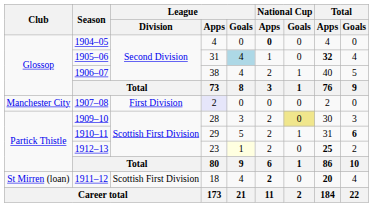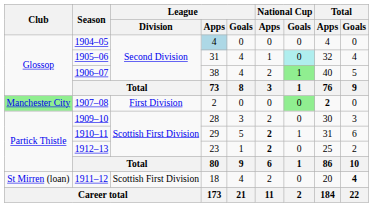 <table class="wikitable" style="text-align: center;">
 <tr>
 <th rowspan="2">Club</th>
 <th rowspan="2">Season</th>
 <th colspan="3">League</th>
 <th colspan="2">National Cup</th>
 <th colspan="2">Total</th>
 </tr>
 <tr>
 <th>Division</th>
 <th>Apps</th>
 <th>Goals</th>
 <th>Apps</th>
 <th>Goals</th>
 <th>Apps</th>
 <th>Goals</th>
 </tr>
 <tr>
 <td rowspan="4"><a href='#'>Glossop</a></td>
 <td><a href='#'>1904–05</a></td>
 <td rowspan="3"><a href='#'>Second Division</a></td>
-<td>4</td>
+<td style="background: lightblue;">4</td>
 <td>0</td>
-<td><strong>0</strong></td>
+<td>0</td>
 <td>0</td>
 <td>4</td>
 <td>0</td>
 </tr>
 <tr>
 <td><a href='#'>1905–06</a></td>
 <td>31</td>
-<td style="background: lightblue;">4</td>
+<td>4</td>
 <td>1</td>
-<td>0</td>
-<td><strong>32</strong></td>
+<td style="background: paleturquoise;">0</td>
+<td>32</td>
 <td>4</td>
 </tr>
 <tr>
 <td><a href='#'>1906–07</a></td>
 <td>38</td>
 <td>4</td>
 <td>2</td>
-<td>1</td>
+<td style="background: lightgreen;">1</td>
 <td>40</td>
 <td>5</td>
 </tr>
 <tr>
 <th colspan="2">Total</th>
 <th>73</th>
 <th>8</th>
 <th>3</th>
 <th>1</th>
 <th>76</th>
 <th>9</th>
 </tr>
 <tr>
-<td><a href='#'>Manchester City</a></td>
+<td style="background: lightgreen;"><a href='#'>Manchester City</a></td>
 <td><a href='#'>1907–08</a></td>
 <td><a href='#'>First Division</a></td>
-<td style="background: lavender;">2</td>
+<td>2</td>
 <td>0</td>
 <td>0</td>
-<td>0</td>
-<td>2</td>
+<td style="background: lightgreen;">0</td>
+<td><strong>2</strong></td>
 <td>0</td>
 </tr>
 <tr>
 <td rowspan="4"><a href='#'>Partick Thistle</a></td>
 <td><a href='#'>1909–10</a></td>
 <td rowspan="3"><a href='#'>Scottish First Division</a></td>
 <td>28</td>
 <td>3</td>
 <td>2</td>
-<td style="background: khaki;">0</td>
+<td>0</td>
 <td>30</td>
 <td>3</td>
 </tr>
 <tr>
 <td><a href='#'>1910–11</a></td>
 <td>29</td>
 <td>5</td>
-<td>2</td>
+<td><strong>2</strong></td>
 <td>1</td>
 <td>31</td>
-<td><strong>6</strong></td>
+<td>6</td>
 </tr>
 <tr>
 <td><a href='#'>1912–13</a></td>
 <td>23</td>
-<td style="background: lightyellow;">1</td>
-<td>2</td>
+<td>1</td>
+<td><strong>2</strong></td>
 <td>0</td>
-<td><strong>25</strong></td>
+<td>25</td>
 <td>2</td>
 </tr>
 <tr>
 <th colspan="2">Total</th>
 <th>80</th>
 <th>9</th>
 <th>6</th>
 <th>1</th>
 <th>86</th>
 <th>10</th>
 </tr>
 <tr>
 <td><a href='#'>St Mirren</a> (loan)</td>
 <td><a href='#'>1911–12</a></td>
 <td>Scottish First Division</td>
 <td>18</td>
 <td>4</td>
-<td><strong>2</strong></td>
+<td>2</td>
 <td>0</td>
-<td><strong>20</strong></td>
-<td>4</td>
+<td>20</td>
+<td><strong>4</strong></td>
 </tr>
 <tr>
 <th colspan="3">Career total</th>
 <th>173</th>
 <th>21</th>
 <th>11</th>
 <th>2</th>
 <th>184</th>
 <th>22</th>
 </tr>
 </table>
